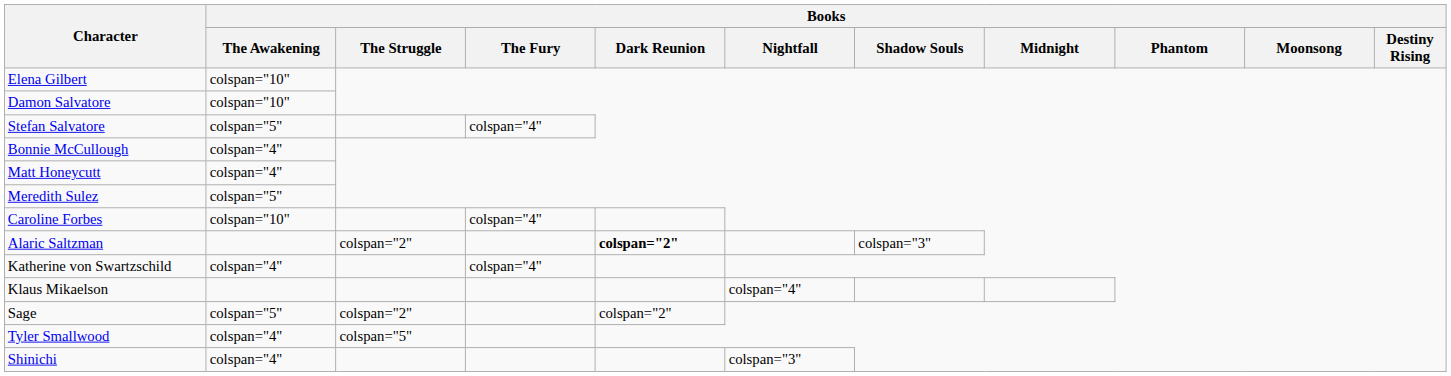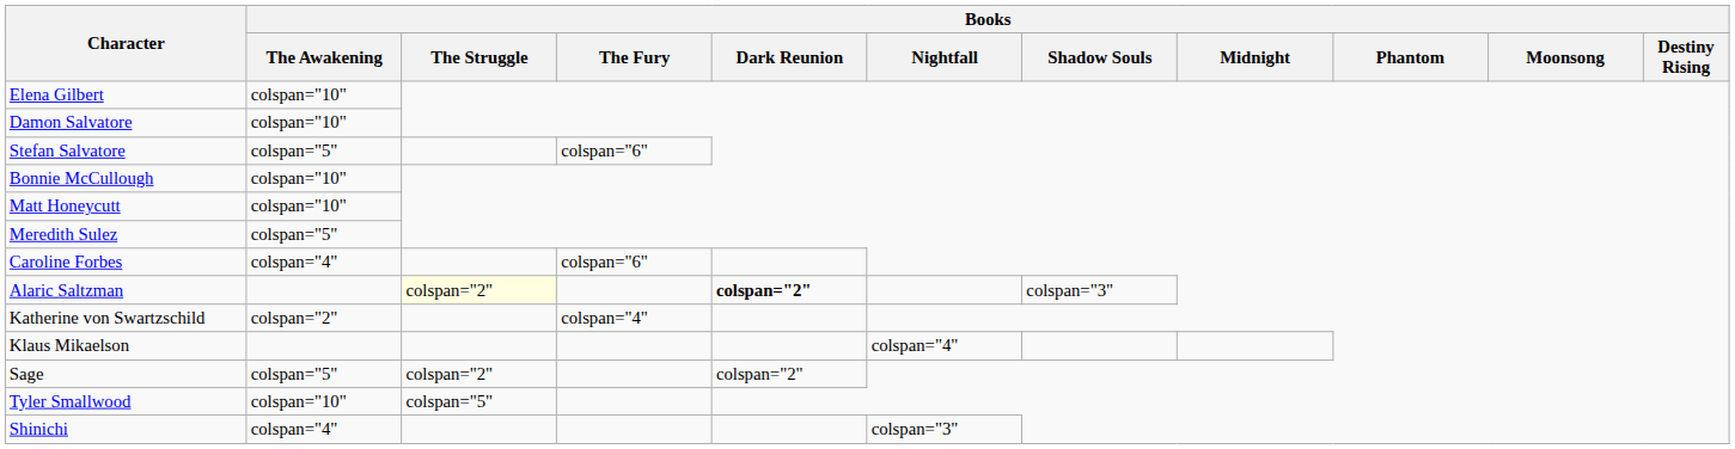 <table class="wikitable">
 <tr>
 <th rowspan="2" style="width:14%;">Character</th>
 <th colspan="10">Books</th>
 </tr>
 <tr>
 <th style="width:9%;">The Awakening</th>
 <th style="width:9%;">The Struggle</th>
 <th style="width:9%;">The Fury</th>
 <th style="width:9%;">Dark Reunion</th>
 <th style="width:9%;">Nightfall</th>
 <th style="width:9%;">Shadow Souls</th>
 <th style="width:9%;">Midnight</th>
 <th style="width:9%;">Phantom</th>
 <th style="width:9%;">Moonsong</th>
 <th style="width:9%;">Destiny Rising</th>
 </tr>
 <tr>
 <td><a href='#'>Elena Gilbert</a></td>
 <td>colspan="10" </td>
 </tr>
 <tr>
 <td><a href='#'>Damon Salvatore</a></td>
 <td>colspan="10" </td>
 </tr>
 <tr>
 <td><a href='#'>Stefan Salvatore</a></td>
 <td>colspan="5" </td>
 <td></td>
-<td>colspan="4" </td>
+<td>colspan="6" </td>
 </tr>
 <tr>
 <td><a href='#'>Bonnie McCullough</a></td>
-<td>colspan="4" </td>
+<td>colspan="10" </td>
 </tr>
 <tr>
 <td><a href='#'>Matt Honeycutt</a></td>
-<td>colspan="4" </td>
+<td>colspan="10" </td>
 </tr>
 <tr>
 <td><a href='#'>Meredith Sulez</a></td>
 <td>colspan="5" </td>
 </tr>
 <tr>
 <td><a href='#'>Caroline Forbes</a></td>
-<td>colspan="10" </td>
+<td>colspan="4" </td>
 <td></td>
-<td>colspan="4" </td>
+<td>colspan="6" </td>
 <td></td>
 </tr>
 <tr>
 <td><a href='#'>Alaric Saltzman</a></td>
 <td></td>
-<td>colspan="2" </td>
+<td style="background: lightyellow;">colspan="2" </td>
 <td></td>
 <td><strong>colspan="2" </strong></td>
 <td></td>
 <td>colspan="3" </td>
 </tr>
 <tr>
 <td>Katherine von Swartzschild</td>
-<td>colspan="4" </td>
+<td>colspan="2" </td>
 <td></td>
 <td>colspan="4" </td>
 <td></td>
 </tr>
 <tr>
 <td>Klaus Mikaelson</td>
 <td></td>
 <td></td>
 <td></td>
 <td></td>
 <td>colspan="4" </td>
 <td></td>
 <td></td>
 </tr>
 <tr>
 <td>Sage</td>
 <td>colspan="5" </td>
 <td>colspan="2" </td>
 <td></td>
 <td>colspan="2" </td>
 </tr>
 <tr>
 <td><a href='#'>Tyler Smallwood</a></td>
-<td>colspan="4" </td>
+<td>colspan="10" </td>
 <td>colspan="5" </td>
 <td></td>
 </tr>
 <tr>
 <td><a href='#'>Shinichi</a></td>
 <td>colspan="4" </td>
 <td></td>
 <td></td>
 <td></td>
 <td>colspan="3" </td>
 </tr>
 </table>
